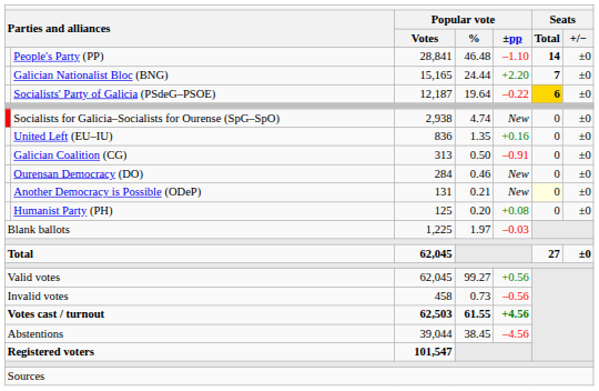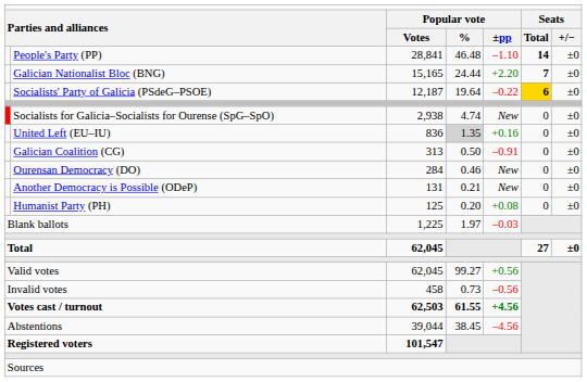 <table class="wikitable" style="text-align:right;">
 <tr>
 <td colspan="7"></td>
 </tr>
 <tr>
 <th style="text-align:left;" rowspan="2" colspan="2" width="525">Parties and alliances</th>
 <th colspan="3">Popular vote</th>
 <th colspan="2">Seats</th>
 </tr>
 <tr>
 <th width="75">Votes</th>
 <th width="45">%</th>
 <th width="45">±<a href='#'>pp</a></th>
 <th width="35">Total</th>
 <th width="35">+/−</th>
 </tr>
 <tr>
 <td width="1" style="color:inherit;background:"></td>
 <td align="left"><a href='#'>People's Party</a> (PP)</td>
 <td>28,841</td>
 <td>46.48</td>
 <td style="color:red;">–1.10</td>
 <td><strong>14</strong></td>
 <td>±0</td>
 </tr>
 <tr>
 <td style="color:inherit;background:"></td>
 <td align="left"><a href='#'>Galician Nationalist Bloc</a> (BNG)</td>
 <td>15,165</td>
 <td>24.44</td>
 <td style="color:green;">+2.20</td>
 <td><strong>7</strong></td>
 <td>±0</td>
 </tr>
 <tr>
 <td style="color:inherit;background:"></td>
 <td align="left"><a href='#'>Socialists' Party of Galicia</a> (PSdeG–PSOE)</td>
 <td>12,187</td>
 <td>19.64</td>
 <td style="color:red;">–0.22</td>
 <td style="background: gold;"><strong>6</strong></td>
 <td>±0</td>
 </tr>
 <tr>
 <td colspan="7" bgcolor="#C0C0C0"></td>
 </tr>
 <tr>
 <td bgcolor="red"></td>
 <td align="left">Socialists for Galicia–Socialists for Ourense (SpG–SpO)</td>
 <td>2,938</td>
 <td>4.74</td>
 <td><em>New</em></td>
 <td>0</td>
 <td>±0</td>
 </tr>
 <tr>
 <td style="color:inherit;background:"></td>
 <td align="left"><a href='#'>United Left</a> (EU–IU)</td>
 <td>836</td>
-<td>1.35</td>
+<td style="background: lightgrey;">1.35</td>
 <td style="color:green;">+0.16</td>
 <td>0</td>
 <td>±0</td>
 </tr>
 <tr>
 <td style="color:inherit;background:"></td>
 <td align="left"><a href='#'>Galician Coalition</a> (CG)</td>
 <td>313</td>
 <td>0.50</td>
 <td style="color:red;">–0.91</td>
 <td>0</td>
 <td>±0</td>
 </tr>
 <tr>
 <td style="color:inherit;background:"></td>
 <td align="left"><a href='#'>Ourensan Democracy</a> (DO)</td>
 <td>284</td>
 <td>0.46</td>
 <td><em>New</em></td>
 <td>0</td>
 <td>±0</td>
 </tr>
 <tr>
 <td style="color:inherit;background:"></td>
 <td align="left"><a href='#'>Another Democracy is Possible</a> (ODeP)</td>
 <td>131</td>
 <td>0.21</td>
 <td><em>New</em></td>
-<td style="background: lightyellow;">0</td>
+<td>0</td>
 <td>±0</td>
 </tr>
 <tr>
 <td style="color:inherit;background:"></td>
 <td align="left"><a href='#'>Humanist Party</a> (PH)</td>
 <td>125</td>
 <td>0.20</td>
 <td style="color:green;">+0.08</td>
 <td>0</td>
 <td>±0</td>
 </tr>
 <tr>
 <td align="left" colspan="2">Blank ballots</td>
 <td>1,225</td>
 <td>1.97</td>
 <td style="color:red;">–0.03</td>
 <td bgcolor="#E9E9E9" colspan="2"></td>
 </tr>
 <tr>
 <td colspan="7" bgcolor="#E9E9E9"></td>
 </tr>
 <tr style="font-weight:bold;">
 <td align="left" colspan="2">Total</td>
 <td>62,045</td>
 <td bgcolor="#E9E9E9" colspan="2"></td>
 <td>27</td>
 <td>±0</td>
 </tr>
 <tr>
 <td colspan="7" bgcolor="#E9E9E9"></td>
 </tr>
 <tr>
 <td align="left" colspan="2">Valid votes</td>
 <td>62,045</td>
 <td>99.27</td>
 <td style="color:green;">+0.56</td>
 <td bgcolor="#E9E9E9" colspan="2" rowspan="5"></td>
 </tr>
 <tr>
 <td align="left" colspan="2">Invalid votes</td>
 <td>458</td>
 <td>0.73</td>
 <td style="color:red;">–0.56</td>
 </tr>
 <tr style="font-weight:bold;">
 <td align="left" colspan="2">Votes cast / turnout</td>
 <td>62,503</td>
 <td>61.55</td>
 <td style="color:green;">+4.56</td>
 </tr>
 <tr>
 <td align="left" colspan="2">Abstentions</td>
 <td>39,044</td>
 <td>38.45</td>
 <td style="color:red;">–4.56</td>
 </tr>
 <tr style="font-weight:bold;">
 <td align="left" colspan="2">Registered voters</td>
 <td>101,547</td>
 <td bgcolor="#E9E9E9" colspan="2"></td>
 </tr>
 <tr>
 <td colspan="7" bgcolor="#E9E9E9"></td>
 </tr>
 <tr>
 <td align="left" colspan="7">Sources</td>
 </tr>
 </table>
